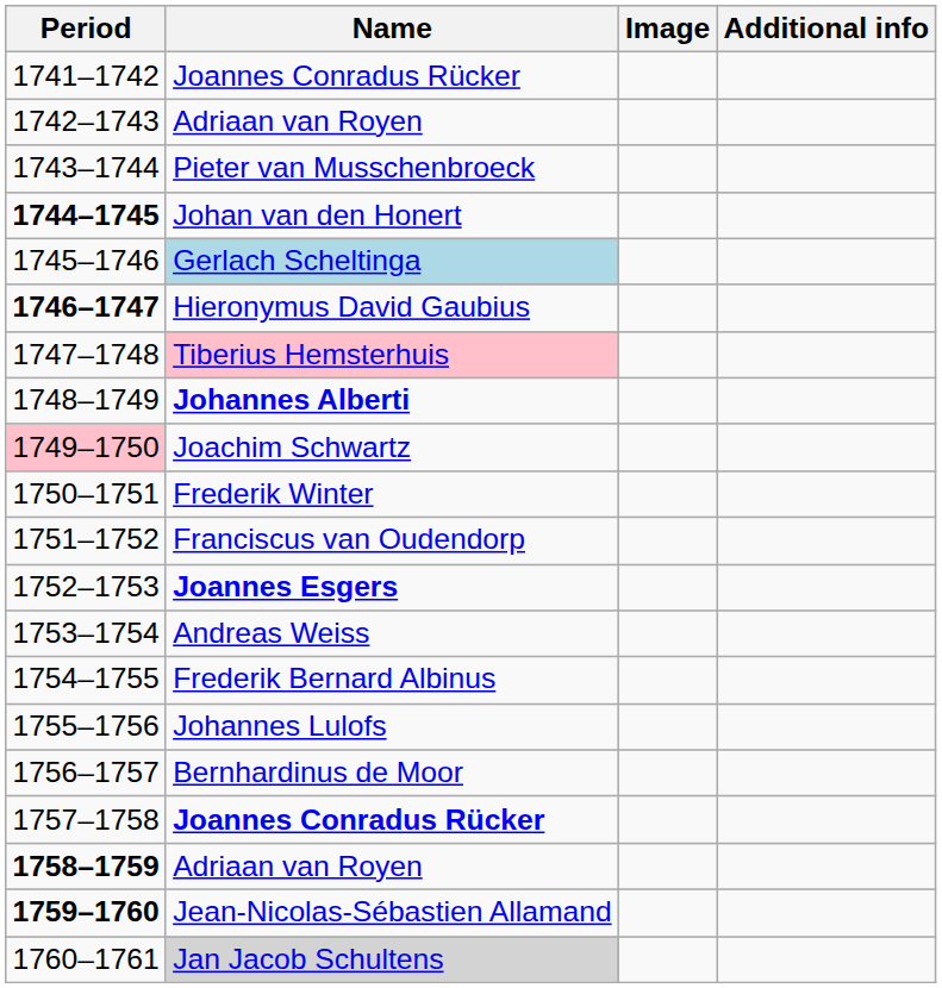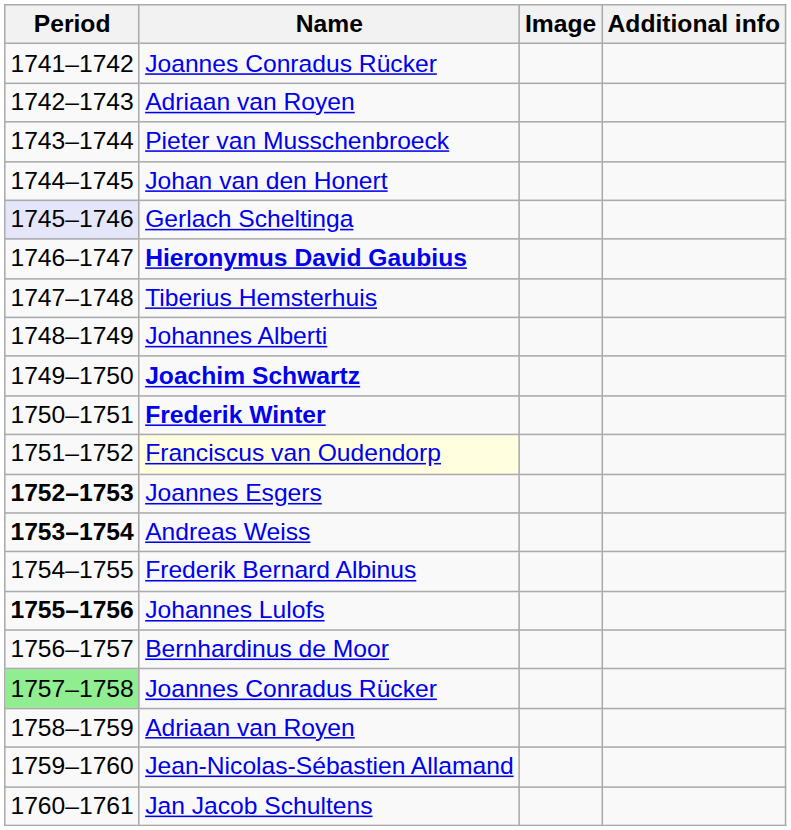 <table class="wikitable">
 <tr>
 <th>Period</th>
 <th>Name</th>
 <th>Image</th>
 <th>Additional info</th>
 </tr>
 <tr>
 <td>1741–1742</td>
 <td><a href='#'>Joannes Conradus Rücker</a></td>
 <td></td>
 <td></td>
 </tr>
 <tr>
 <td>1742–1743</td>
 <td><a href='#'>Adriaan van Royen</a></td>
 <td></td>
 <td></td>
 </tr>
 <tr>
 <td>1743–1744</td>
 <td><a href='#'>Pieter van Musschenbroeck</a></td>
 <td></td>
 <td></td>
 </tr>
 <tr>
-<td><strong>1744–1745</strong></td>
+<td>1744–1745</td>
 <td><a href='#'>Johan van den Honert</a></td>
 <td></td>
 <td></td>
 </tr>
 <tr>
-<td>1745–1746</td>
-<td style="background: lightblue;"><a href='#'>Gerlach Scheltinga</a></td>
+<td style="background: lavender;">1745–1746</td>
+<td><a href='#'>Gerlach Scheltinga</a></td>
 <td></td>
 <td></td>
 </tr>
 <tr>
-<td><strong>1746–1747</strong></td>
-<td><a href='#'>Hieronymus David Gaubius</a></td>
+<td>1746–1747</td>
+<td><strong><a href='#'>Hieronymus David Gaubius</a></strong></td>
 <td></td>
 <td></td>
 </tr>
 <tr>
 <td>1747–1748</td>
-<td style="background: pink;"><a href='#'>Tiberius Hemsterhuis</a></td>
+<td><a href='#'>Tiberius Hemsterhuis</a></td>
 <td></td>
 <td></td>
 </tr>
 <tr>
 <td>1748–1749</td>
-<td><strong><a href='#'>Johannes Alberti</a></strong></td>
+<td><a href='#'>Johannes Alberti</a></td>
 <td></td>
 <td></td>
 </tr>
 <tr>
-<td style="background: pink;">1749–1750</td>
-<td><a href='#'>Joachim Schwartz</a></td>
+<td>1749–1750</td>
+<td><strong><a href='#'>Joachim Schwartz</a></strong></td>
 <td></td>
 <td></td>
 </tr>
 <tr>
 <td>1750–1751</td>
-<td><a href='#'>Frederik Winter</a></td>
+<td><strong><a href='#'>Frederik Winter</a></strong></td>
 <td></td>
 <td></td>
 </tr>
 <tr>
 <td>1751–1752</td>
-<td><a href='#'>Franciscus van Oudendorp</a></td>
+<td style="background: lightyellow;"><a href='#'>Franciscus van Oudendorp</a></td>
 <td></td>
 <td></td>
 </tr>
 <tr>
-<td>1752–1753</td>
-<td><strong><a href='#'>Joannes Esgers</a></strong></td>
+<td><strong>1752–1753</strong></td>
+<td><a href='#'>Joannes Esgers</a></td>
 <td></td>
 <td></td>
 </tr>
 <tr>
-<td>1753–1754</td>
+<td><strong>1753–1754</strong></td>
 <td><a href='#'>Andreas Weiss</a></td>
 <td></td>
 <td></td>
 </tr>
 <tr>
 <td>1754–1755</td>
 <td><a href='#'>Frederik Bernard Albinus</a></td>
 <td></td>
 <td></td>
 </tr>
 <tr>
-<td>1755–1756</td>
+<td><strong>1755–1756</strong></td>
 <td><a href='#'>Johannes Lulofs</a></td>
 <td></td>
 <td></td>
 </tr>
 <tr>
 <td>1756–1757</td>
 <td><a href='#'>Bernhardinus de Moor</a></td>
 <td></td>
 <td></td>
 </tr>
 <tr>
-<td>1757–1758</td>
-<td><strong><a href='#'>Joannes Conradus Rücker</a></strong></td>
+<td style="background: lightgreen;">1757–1758</td>
+<td><a href='#'>Joannes Conradus Rücker</a></td>
 <td></td>
 <td></td>
 </tr>
 <tr>
-<td><strong>1758–1759</strong></td>
+<td>1758–1759</td>
 <td><a href='#'>Adriaan van Royen</a></td>
 <td></td>
 <td></td>
 </tr>
 <tr>
-<td><strong>1759–1760</strong></td>
+<td>1759–1760</td>
 <td><a href='#'>Jean-Nicolas-Sébastien Allamand</a></td>
 <td></td>
 <td></td>
 </tr>
 <tr>
 <td>1760–1761</td>
-<td style="background: lightgrey;"><a href='#'>Jan Jacob Schultens</a></td>
+<td><a href='#'>Jan Jacob Schultens</a></td>
 <td></td>
 <td></td>
 </tr>
 <tr>
 </tr>
 </table>
